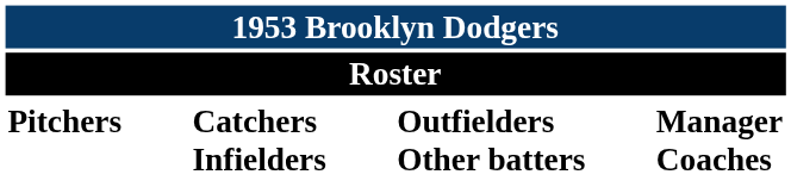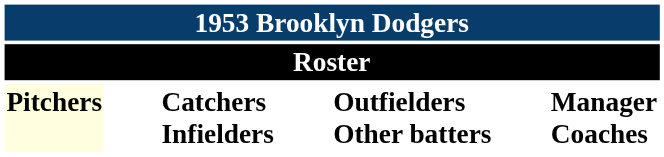 <table class="toccolours" style="font-size: 95%;">
 <tr>
 <th colspan="10" style="background-color: #083c6b; color: white; text-align: center;">1953 Brooklyn Dodgers</th>
 </tr>
 <tr>
 <td colspan="10" style="background-color: black; color: white; text-align: center;"><strong>Roster</strong></td>
 </tr>
 <tr>
-<td valign="top"><strong>Pitchers</strong><br>             </td>
+<td valign="top" style="background: lightyellow;"><strong>Pitchers</strong><br>             </td>
 <td width="25px"></td>
 <td valign="top"><strong>Catchers</strong><br>  <strong>Infielders</strong>      </td>
 <td width="25px"></td>
 <td valign="top"><strong>Outfielders</strong><br>        <strong>Other batters</strong>  </td>
 <td width="25px"></td>
 <td valign="top"><strong>Manager</strong><br> <strong>Coaches</strong>   </td>
 </tr>
 </table>
